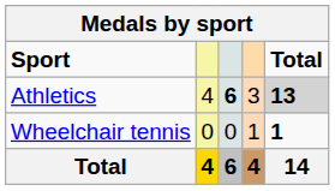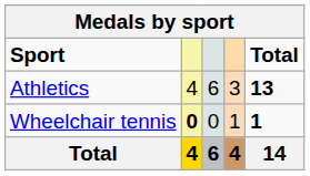 <table class=wikitable style="font-size:95%; ">
 <tr bgcolor=EFEFEF>
 <th colspan=7><strong>Medals by sport</strong></th>
 </tr>
 <tr>
 <td><strong>Sport</strong></td>
 <td bgcolor=F7F6A8></td>
 <td bgcolor=DCE5E5></td>
 <td bgcolor=FFDBA9></td>
 <td><strong>Total</strong></td>
 </tr>
 <tr>
 <td><a href='#'>Athletics</a></td>
 <td bgcolor=F7F6A8>4</td>
-<td bgcolor=DCE5E5><strong>6</strong></td>
+<td bgcolor=DCE5E5>6</td>
 <td bgcolor=FFDAB9>3</td>
-<td style="background: lightgrey;"><strong>13</strong></td>
+<td><strong>13</strong></td>
 </tr>
 <tr>
 <td><a href='#'>Wheelchair tennis</a></td>
-<td bgcolor=F7F6A8>0</td>
+<td bgcolor=F7F6A8><strong>0</strong></td>
 <td bgcolor=DCE5E5>0</td>
 <td bgcolor=FFDAB9>1</td>
 <td><strong>1</strong></td>
 </tr>
 <tr>
 <th>Total</th>
 <th style="background:gold;">4</th>
 <th style="background:silver;">6</th>
 <th style="background:#c96;">4</th>
 <th>14</th>
 </tr>
 </table>
